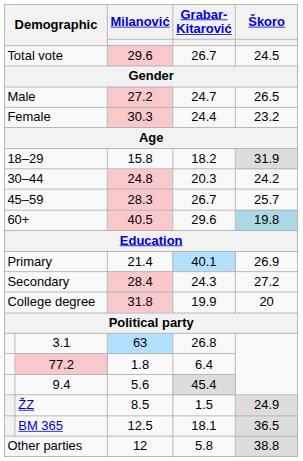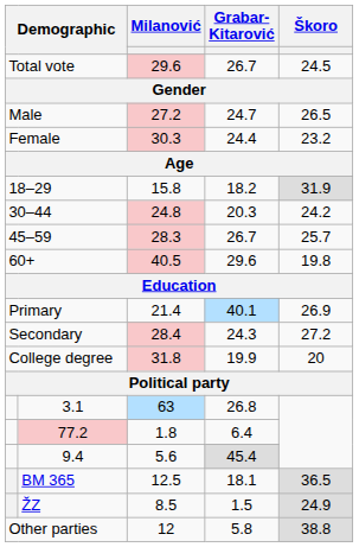 <table class="wikitable" style="text-align:center">
 <tr>
 <th style="width:120px;" colspan="2" rowspan="2">Demographic</th>
 <th style="width:70px;"><a href='#'>Milanović</a></th>
 <th style="width:70px;"><a href='#'>Grabar-Kitarović</a></th>
 <th style="width:70px;"><a href='#'>Škoro</a></th>
 </tr>
 <tr>
 <th style="color:inherit;background:"></th>
 <th style="color:inherit;background:"></th>
 <th style="color:inherit;background:"></th>
 </tr>
 <tr>
 <td style="text-align:left;" colspan="2">Total vote</td>
 <td style="background:#F9C8CA;">29.6</td>
 <td>26.7</td>
 <td>24.5</td>
 </tr>
 <tr>
 <th colspan=5>Gender</th>
 </tr>
 <tr>
 <td style="text-align:left;" colspan="2">Male</td>
 <td style="background:#F9C8CA;">27.2</td>
 <td>24.7</td>
 <td>26.5</td>
 </tr>
 <tr>
 <td style="text-align:left;" colspan="2">Female</td>
 <td style="background:#F9C8CA;">30.3</td>
 <td>24.4</td>
 <td>23.2</td>
 </tr>
 <tr>
 <th colspan=5>Age</th>
 </tr>
 <tr>
 <td style="text-align:left;" colspan="2">18–29</td>
 <td>15.8</td>
 <td>18.2</td>
 <td style="background:#DDDDDD;">31.9</td>
 </tr>
 <tr>
 <td style="text-align:left;" colspan="2">30–44</td>
 <td style="background:#F9C8CA;">24.8</td>
 <td>20.3</td>
 <td>24.2</td>
 </tr>
 <tr>
 <td style="text-align:left;" colspan="2">45–59</td>
 <td style="background:#F9C8CA;">28.3</td>
 <td>26.7</td>
 <td>25.7</td>
 </tr>
 <tr>
 <td style="text-align:left;" colspan="2">60+</td>
 <td style="background:#F9C8CA;">40.5</td>
 <td>29.6</td>
-<td style="background: lightblue;">19.8</td>
+<td>19.8</td>
 </tr>
 <tr>
 <th colspan=5><a href='#'>Education</a></th>
 </tr>
 <tr>
 <td style="text-align:left;" colspan="2">Primary</td>
 <td>21.4</td>
 <td style="background:#B3E0FF">40.1</td>
 <td>26.9</td>
 </tr>
 <tr>
 <td style="text-align:left;" colspan="2">Secondary</td>
 <td style="background:#F9C8CA;">28.4</td>
 <td>24.3</td>
 <td>27.2</td>
 </tr>
 <tr>
 <td style="text-align:left;" colspan="2">College degree</td>
 <td style="background:#F9C8CA;">31.8</td>
 <td>19.9</td>
 <td>20</td>
 </tr>
 <tr>
 <th colspan=5>Political party</th>
 </tr>
 <tr>
 <td></td>
 <td>3.1</td>
 <td style="background:#B3E0FF">63</td>
 <td>26.8</td>
 </tr>
 <tr>
 <td></td>
 <td style="background:#F9C8CA;">77.2</td>
 <td>1.8</td>
 <td>6.4</td>
 </tr>
 <tr>
 <td></td>
 <td>9.4</td>
 <td>5.6</td>
 <td style="background:#DDDDDD;">45.4</td>
 </tr>
 <tr>
 <th style="background-color: "></th>
+<td style="text-align:left;"><a href='#'>BM 365</a></td>
+<td>12.5</td>
+<td>18.1</td>
+<td style="background:#DDDDDD;">36.5</td>
+</tr>
+<tr>
+<th style="background-color: "></th>
 <td style="text-align:left;"><a href='#'>ŽZ</a></td>
 <td>8.5</td>
 <td>1.5</td>
 <td style="background:#DDDDDD;">24.9</td>
-</tr>
-<tr>
-<th style="background-color: "></th>
-<td style="text-align:left;"><a href='#'>BM 365</a></td>
-<td>12.5</td>
-<td>18.1</td>
-<td style="background:#DDDDDD;">36.5</td>
 </tr>
 <tr>
 <td style="text-align:left;" colspan="2">Other parties</td>
 <td>12</td>
 <td>5.8</td>
 <td style="background:#DDDDDD;">38.8</td>
 </tr>
 </table>
